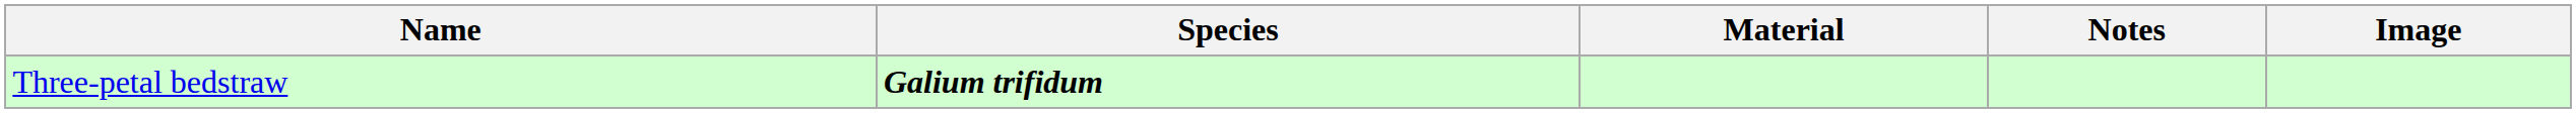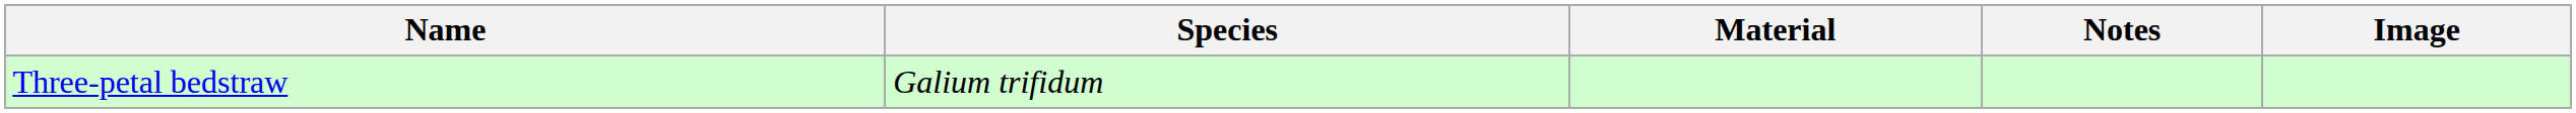 <table class="wikitable" align="center" width="100%" style="background:#D1FFCF;">
 <tr>
 <th>Name</th>
 <th>Species</th>
 <th>Material</th>
 <th>Notes</th>
 <th>Image</th>
 </tr>
 <tr>
 <td><a href='#'>Three-petal bedstraw</a></td>
-<td><strong><em>Galium trifidum</em></strong></td>
+<td><em>Galium trifidum</em></td>
 <td></td>
 <td></td>
 <td></td>
 </tr>
 <tr>
 </tr>
 </table>
